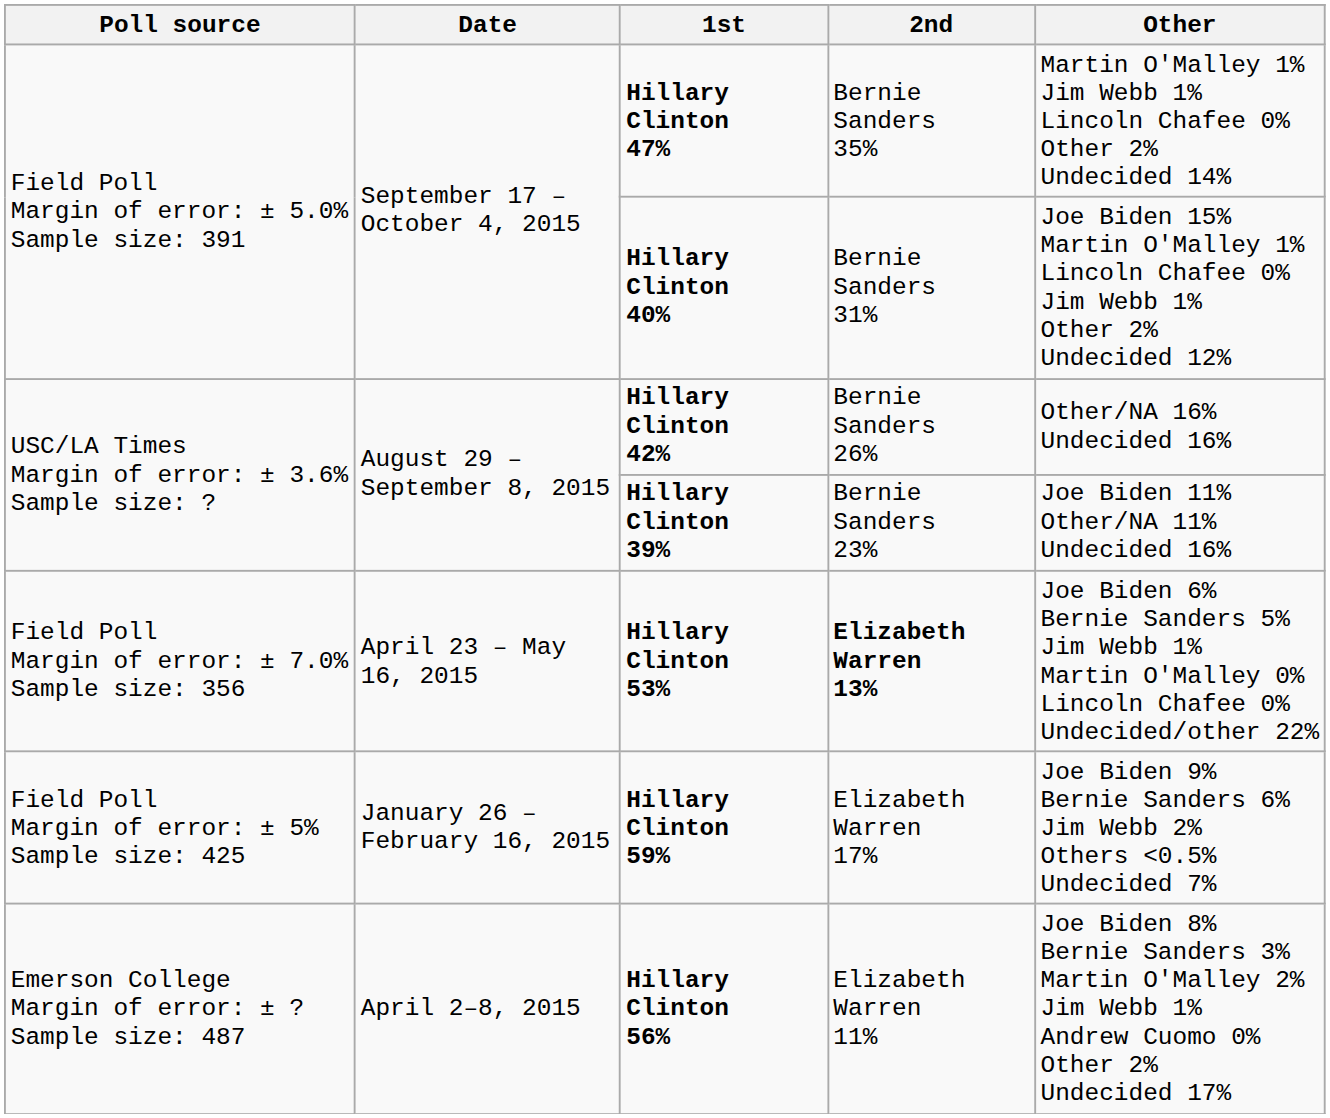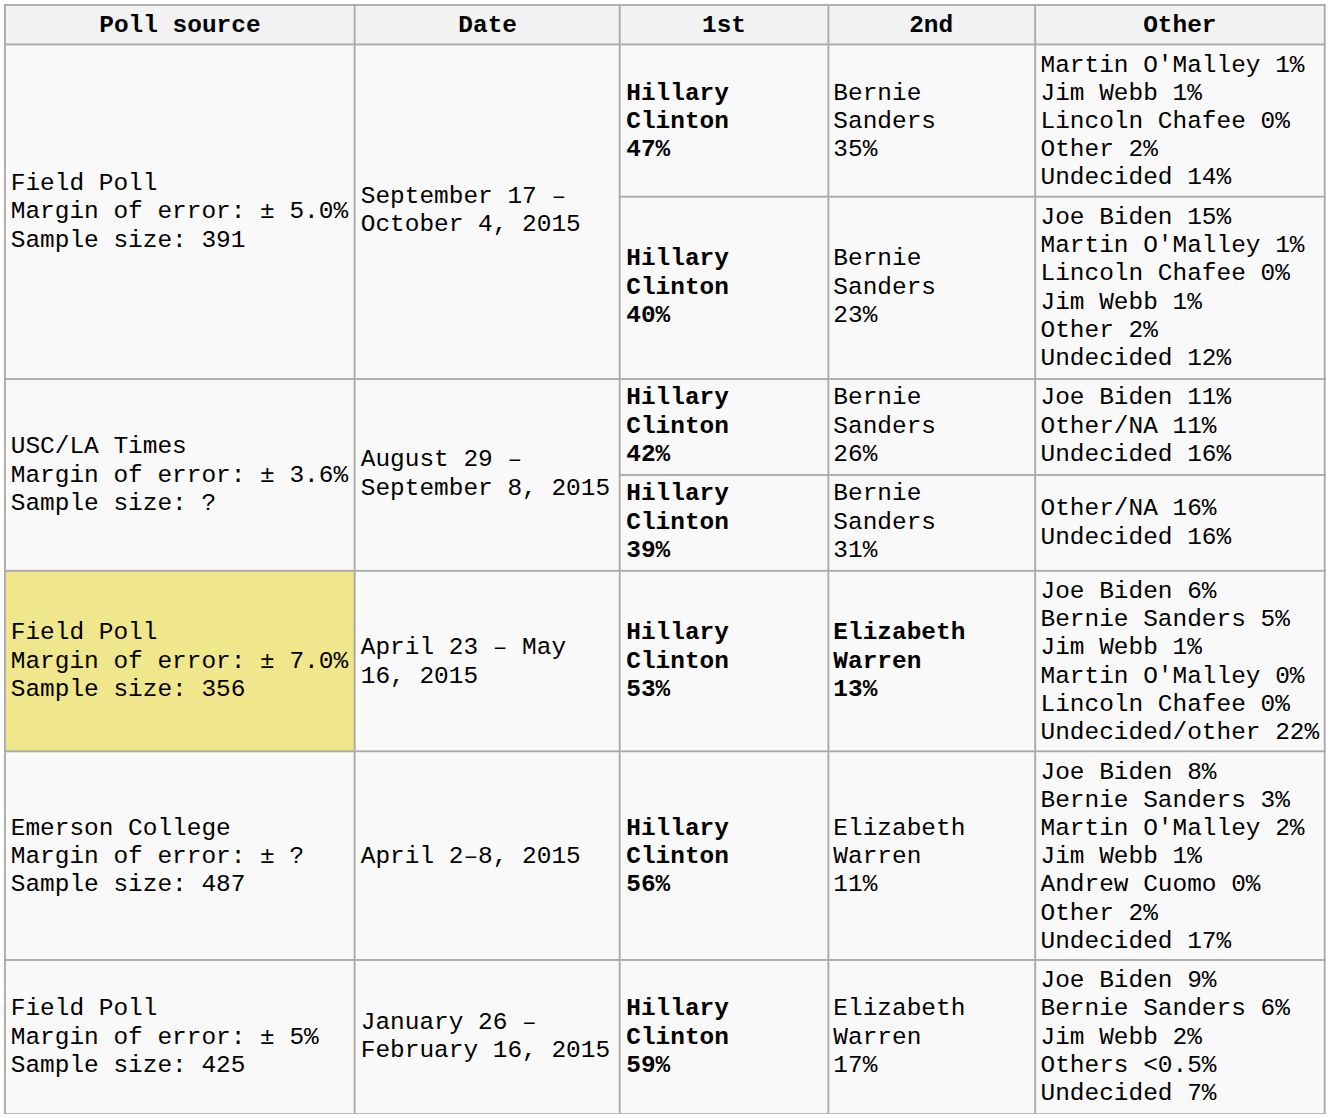 <table class="wikitable">
 <tr>
 <th style="width:180px;">Poll source</th>
 <th style="width:135px;">Date</th>
 <th style="width:104px;">1st</th>
 <th style="width:104px;">2nd</th>
 <th>Other</th>
 </tr>
 <tr>
 <td rowspan="2">Field Poll<br>Margin of error: ± 5.0% <br>Sample size: 391</td>
 <td rowspan="2">September 17 – October 4, 2015</td>
 <td><strong>Hillary Clinton <br> 47%</strong></td>
 <td>Bernie Sanders <br> 35%</td>
 <td>Martin O'Malley 1% <br> Jim Webb 1% <br> Lincoln Chafee 0% <br> Other 2% <br> Undecided 14%</td>
 </tr>
 <tr>
 <td><strong>Hillary Clinton <br> 40%</strong></td>
-<td>Bernie Sanders <br> 31%</td>
+<td>Bernie Sanders <br> 23%</td>
 <td>Joe Biden 15% <br> Martin O'Malley 1% <br> Lincoln Chafee 0% <br> Jim Webb 1% <br> Other 2% <br> Undecided 12%</td>
 </tr>
 <tr>
 <td rowspan="2">USC/LA Times<br>Margin of error: ± 3.6% <br>Sample size: ?</td>
 <td rowspan="2">August 29 – September 8, 2015</td>
 <td><strong>Hillary Clinton <br> 42%</strong></td>
 <td>Bernie Sanders <br> 26%</td>
+<td>Joe Biden 11% <br> Other/NA 11% <br> Undecided 16%</td>
+</tr>
+<tr>
+<td><strong>Hillary Clinton <br> 39%</strong></td>
+<td>Bernie Sanders <br> 31%</td>
 <td>Other/NA 16% <br> Undecided 16%</td>
 </tr>
 <tr>
-<td><strong>Hillary Clinton <br> 39%</strong></td>
-<td>Bernie Sanders <br> 23%</td>
-<td>Joe Biden 11% <br> Other/NA 11% <br> Undecided 16%</td>
-</tr>
-<tr>
-<td>Field Poll<br>Margin of error: ± 7.0% <br>Sample size: 356</td>
+<td style="background: khaki;">Field Poll<br>Margin of error: ± 7.0% <br>Sample size: 356</td>
 <td>April 23 – May 16, 2015</td>
 <td><strong>Hillary Clinton <br> 53%</strong></td>
 <td><strong>Elizabeth Warren <br> 13%</strong></td>
 <td>Joe Biden 6% <br> Bernie Sanders 5% <br> Jim Webb 1% <br> Martin O'Malley 0% <br> Lincoln Chafee 0% <br> Undecided/other 22%</td>
+</tr>
+<tr>
+<td>Emerson College<br>Margin of error: ± ? <br>Sample size: 487</td>
+<td>April 2–8, 2015</td>
+<td><strong>Hillary Clinton <br> 56%</strong></td>
+<td>Elizabeth Warren <br> 11%</td>
+<td>Joe Biden 8% <br> Bernie Sanders 3% <br> Martin O'Malley 2% <br> Jim Webb 1% <br> Andrew Cuomo 0% <br> Other 2% <br> Undecided 17%</td>
 </tr>
 <tr>
 <td>Field Poll <br>Margin of error: ± 5% <br>Sample size: 425</td>
 <td>January 26 – February 16, 2015</td>
 <td><strong>Hillary Clinton <br> 59%</strong></td>
 <td>Elizabeth Warren <br> 17%</td>
 <td>Joe Biden 9% <br> Bernie Sanders 6% <br> Jim Webb 2% <br> Others <0.5% <br> Undecided 7%</td>
 </tr>
-<tr>
-<td>Emerson College<br>Margin of error: ± ? <br>Sample size: 487</td>
-<td>April 2–8, 2015</td>
-<td><strong>Hillary Clinton <br> 56%</strong></td>
-<td>Elizabeth Warren <br> 11%</td>
-<td>Joe Biden 8% <br> Bernie Sanders 3% <br> Martin O'Malley 2% <br> Jim Webb 1% <br> Andrew Cuomo 0% <br> Other 2% <br> Undecided 17%</td>
-</tr>
 </table>
